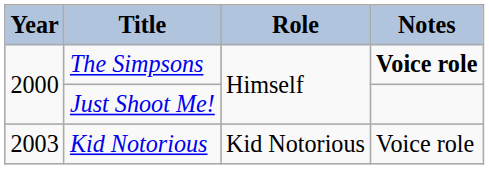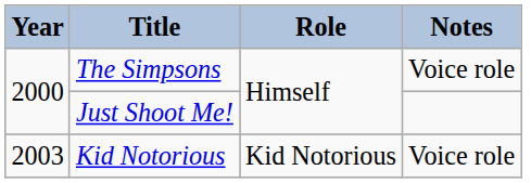 <table class="wikitable" style="font-size:95%;">
 <tr>
 <th style="background:#B0C4DE;">Year</th>
 <th style="background:#B0C4DE;">Title</th>
 <th style="background:#B0C4DE;">Role</th>
 <th style="background:#B0C4DE;">Notes</th>
 </tr>
 <tr>
 <td rowspan="2">2000</td>
 <td><em><a href='#'>The Simpsons</a></em></td>
 <td rowspan="2">Himself</td>
-<td><strong>Voice role</strong></td>
+<td>Voice role</td>
 </tr>
 <tr>
 <td><em><a href='#'>Just Shoot Me!</a></em></td>
 <td></td>
 </tr>
 <tr>
 <td>2003</td>
 <td><em><a href='#'>Kid Notorious</a></em></td>
 <td>Kid Notorious</td>
 <td>Voice role</td>
 </tr>
 </table>
